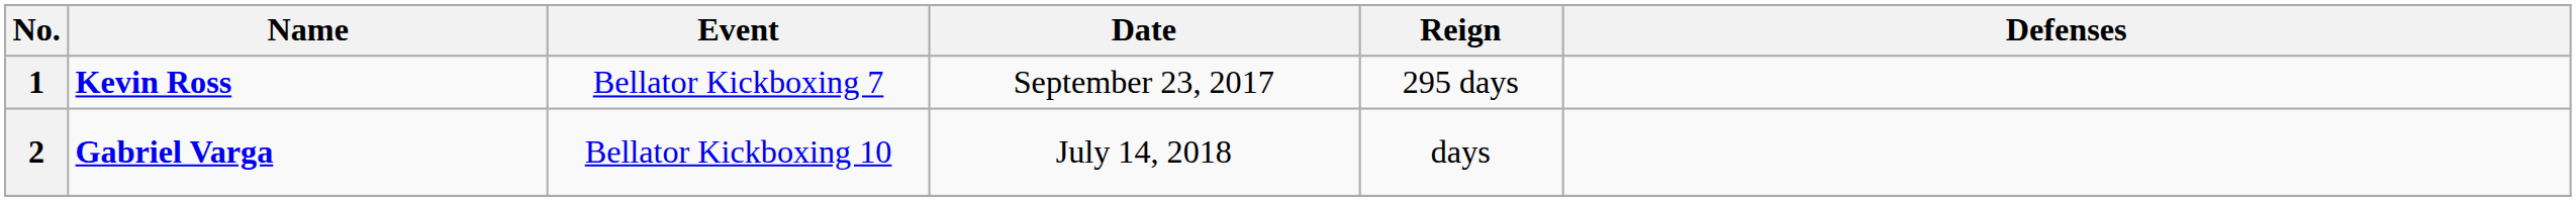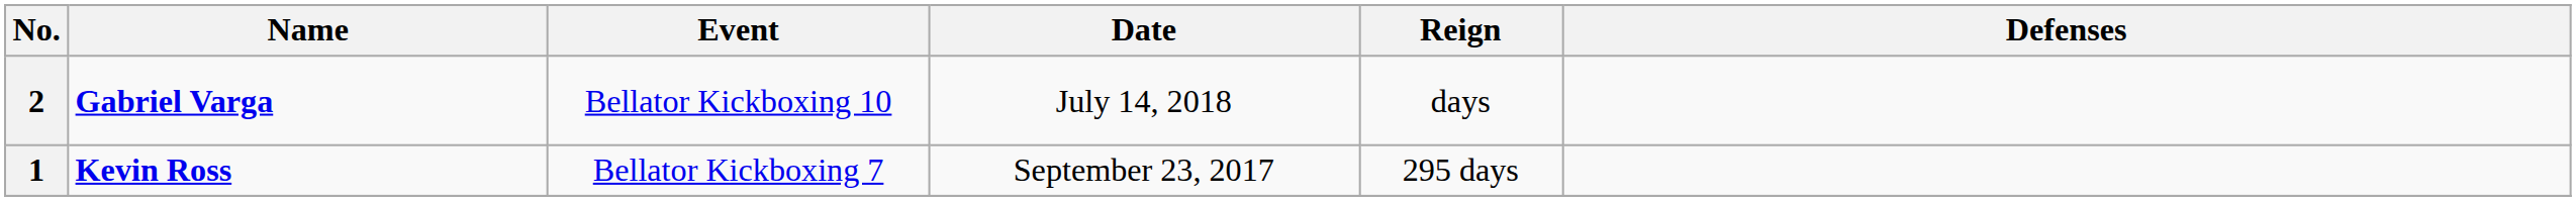 <table class="wikitable" width=100%>
 <tr>
 <th width=1%>No.</th>
 <th width=19%>Name</th>
 <th width=15%>Event</th>
 <th width=17%>Date</th>
 <th width=8%>Reign</th>
 <th width=40%>Defenses</th>
 </tr>
 <tr>
+<th>2</th>
+<td align=left> <strong><a href='#'>Gabriel Varga</a></strong></td>
+<td align=center><a href='#'>Bellator Kickboxing 10</a><br></td>
+<td align=center>July 14, 2018</td>
+<td align=center> days</td>
+<td><br><br> </td>
+</tr>
+<tr>
 <th>1</th>
 <td align=left> <strong><a href='#'>Kevin Ross</a></strong><br></td>
 <td align=center><a href='#'>Bellator Kickboxing 7</a><br></td>
 <td align=center>September 23, 2017</td>
 <td align=center>295 days</td>
 <td></td>
 </tr>
 <tr>
-<th>2</th>
-<td align=left> <strong><a href='#'>Gabriel Varga</a></strong></td>
-<td align=center><a href='#'>Bellator Kickboxing 10</a><br></td>
-<td align=center>July 14, 2018</td>
-<td align=center> days</td>
-<td><br><br> </td>
-</tr>
-<tr>
 </tr>
 </table>
